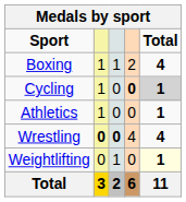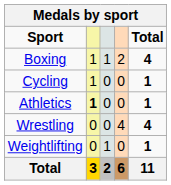 <table class="wikitable" style="font-size:95%">
 <tr style="background:#efefef;">
 <th colspan=5>Medals by sport</th>
 </tr>
 <tr align=center>
 <td><strong>Sport</strong></td>
 <td bgcolor=#f7f6a8></td>
 <td bgcolor=#dce5e5></td>
 <td bgcolor=#ffdab9></td>
 <td><strong>Total</strong></td>
 </tr>
 <tr align=center>
 <td><a href='#'>Boxing</a></td>
 <td style="background:#F7F6A8;">1</td>
 <td style="background:#DCE5E5;">1</td>
 <td style="background:#FFDAB9;">2</td>
 <td><strong>4</strong></td>
 </tr>
 <tr align=center>
 <td><a href='#'>Cycling</a></td>
 <td style="background:#F7F6A8;">1</td>
 <td style="background:#DCE5E5;">0</td>
-<td style="background:#FFDAB9;"><strong>0</strong></td>
-<td style="background: lightgrey;"><strong>1</strong></td>
+<td style="background:#FFDAB9;">0</td>
+<td><strong>1</strong></td>
 </tr>
 <tr align=center>
 <td><a href='#'>Athletics</a></td>
-<td style="background:#F7F6A8;">1</td>
+<td style="background:#F7F6A8;"><strong>1</strong></td>
 <td style="background:#DCE5E5;">0</td>
 <td style="background:#FFDAB9;">0</td>
 <td><strong>1</strong></td>
 </tr>
 <tr align=center>
 <td><a href='#'>Wrestling</a></td>
-<td style="background:#F7F6A8;"><strong>0</strong></td>
-<td style="background:#DCE5E5;"><strong>0</strong></td>
+<td style="background:#F7F6A8;">0</td>
+<td style="background:#DCE5E5;">0</td>
 <td style="background:#FFDAB9;">4</td>
 <td><strong>4</strong></td>
 </tr>
 <tr align=center>
 <td><a href='#'>Weightlifting</a></td>
 <td style="background:#F7F6A8;">0</td>
 <td style="background:#DCE5E5;">1</td>
 <td style="background:#FFDAB9;">0</td>
-<td style="background: lightyellow;"><strong>1</strong></td>
+<td><strong>1</strong></td>
 </tr>
 <tr align=center>
 <th>Total</th>
 <th style="background:gold;">3</th>
 <th style="background:silver;">2</th>
 <th style="background:#c96;">6</th>
 <th>11</th>
 </tr>
 </table>
